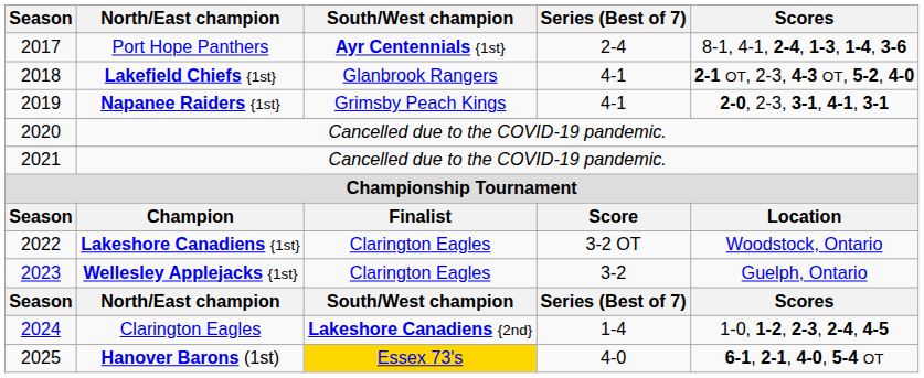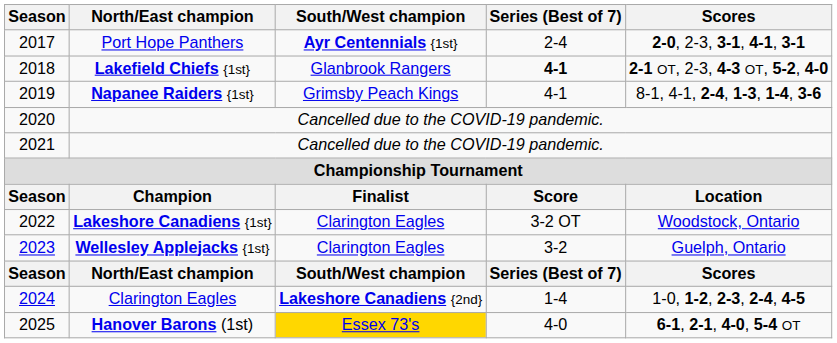 <table class="wikitable">
 <tr>
 <th>Season</th>
 <th>North/East champion</th>
 <th>South/West champion</th>
 <th>Series (Best of 7)</th>
 <th>Scores</th>
 </tr>
 <tr align="center">
 <td>2017</td>
 <td><a href='#'>Port Hope Panthers</a></td>
 <td><strong><a href='#'>Ayr Centennials</a></strong> <small>{1st}</small></td>
 <td>2-4</td>
-<td>8-1, 4-1, <strong>2-4</strong>, <strong>1-3</strong>, <strong>1-4</strong>, <strong>3-6</strong></td>
+<td><strong>2-0</strong>, 2-3, <strong>3-1</strong>, <strong>4-1</strong>, <strong>3-1</strong></td>
 </tr>
 <tr align="center">
 <td>2018</td>
 <td><strong><a href='#'>Lakefield Chiefs</a></strong> <small>{1st}</small></td>
 <td><a href='#'>Glanbrook Rangers</a></td>
-<td>4-1</td>
+<td><strong>4-1</strong></td>
 <td><strong>2-1</strong> <small>OT</small>, 2-3, <strong>4-3</strong> <small>OT</small>, <strong>5-2</strong>, <strong>4-0</strong></td>
 </tr>
 <tr align="center">
 <td>2019</td>
 <td><strong><a href='#'>Napanee Raiders</a></strong> <small>{1st}</small></td>
 <td><a href='#'>Grimsby Peach Kings</a></td>
 <td>4-1</td>
-<td><strong>2-0</strong>, 2-3, <strong>3-1</strong>, <strong>4-1</strong>, <strong>3-1</strong></td>
+<td>8-1, 4-1, <strong>2-4</strong>, <strong>1-3</strong>, <strong>1-4</strong>, <strong>3-6</strong></td>
 </tr>
 <tr align="center">
 <td>2020</td>
 <td colspan="4"><em>Cancelled due to the COVID-19 pandemic.</em></td>
 </tr>
 <tr align="center">
 <td>2021</td>
 <td colspan="4"><em>Cancelled due to the COVID-19 pandemic.</em></td>
 </tr>
 <tr align="center" bgcolor="dddddd">
 <td colspan="5"><strong>Championship Tournament</strong></td>
 </tr>
 <tr>
 <th>Season</th>
 <th>Champion</th>
 <th>Finalist</th>
 <th>Score</th>
 <th>Location</th>
 </tr>
 <tr align="center">
 <td>2022</td>
 <td><strong><a href='#'>Lakeshore Canadiens</a></strong> <small>{1st}</small></td>
 <td><a href='#'>Clarington Eagles</a></td>
 <td>3-2 OT</td>
 <td><a href='#'>Woodstock, Ontario</a></td>
 </tr>
 <tr align="center">
 <td><a href='#'>2023</a></td>
 <td><strong><a href='#'>Wellesley Applejacks</a></strong> <small>{1st}</small></td>
 <td><a href='#'>Clarington Eagles</a></td>
 <td>3-2</td>
 <td><a href='#'>Guelph, Ontario</a></td>
 </tr>
 <tr>
 <th>Season</th>
 <th>North/East champion</th>
 <th>South/West champion</th>
 <th>Series (Best of 7)</th>
 <th>Scores</th>
 </tr>
 <tr align="center">
 <td><a href='#'>2024</a></td>
 <td><a href='#'>Clarington Eagles</a></td>
 <td><strong><a href='#'>Lakeshore Canadiens</a></strong> <small>{2nd}</small></td>
 <td>1-4</td>
 <td>1-0, <strong>1-2</strong>, <strong>2-3</strong>, <strong>2-4</strong>, <strong>4-5</strong></td>
 </tr>
 <tr align="center">
 <td>2025</td>
 <td><strong><a href='#'>Hanover Barons</a></strong> (1st)</td>
 <td style="background: gold;"><a href='#'>Essex 73's</a></td>
 <td>4-0</td>
 <td><strong>6-1</strong>, <strong>2-1</strong>, <strong>4-0</strong>, <strong>5-4</strong> <small>OT</small></td>
 </tr>
 </table>
